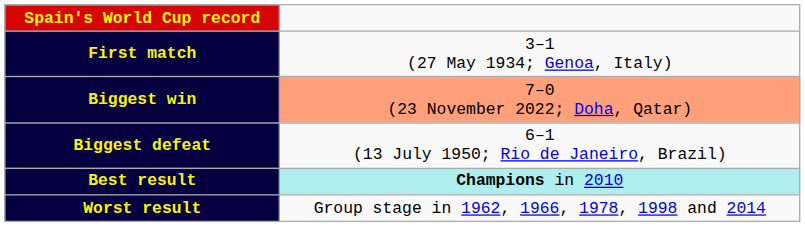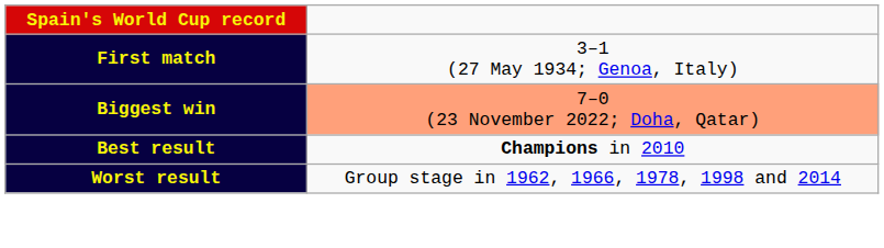 <table class="wikitable collapsible collapsed" style="width:50%;text-align:center">
 <tr>
 <th style="background:#D60607; color:#F7F408; "><strong>Spain's World Cup record</strong></th>
 </tr>
 <tr>
 <th style="background:#060041; color:#F7F408; ">First match</th>
 <td> 3–1 <br> (27 May 1934; <a href='#'>Genoa</a>, Italy)</td>
 </tr>
 <tr>
 <th style="background:#060041; color:#F7F408; ">Biggest win</th>
 <td style="background: lightsalmon;"> 7–0 <br> (23 November 2022; <a href='#'>Doha</a>, Qatar)</td>
 </tr>
 <tr>
-<th style="background:#060041; color:#F7F408; ">Biggest defeat</th>
-<td> 6–1 <br> (13 July 1950; <a href='#'>Rio de Janeiro</a>, Brazil)</td>
-</tr>
-<tr>
 <th style="background:#060041; color:#F7F408; ">Best result</th>
-<td style="background: paleturquoise;"><strong>Champions</strong> in <a href='#'>2010</a></td>
+<td><strong>Champions</strong> in <a href='#'>2010</a></td>
 </tr>
 <tr>
 <th style="background:#060041; color:#F7F408; ">Worst result</th>
 <td>Group stage in <a href='#'>1962</a>, <a href='#'>1966</a>, <a href='#'>1978</a>, <a href='#'>1998</a> and <a href='#'>2014</a></td>
 </tr>
 </table>
